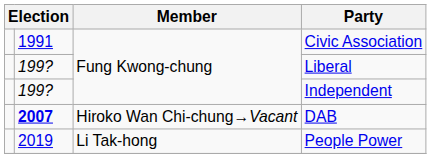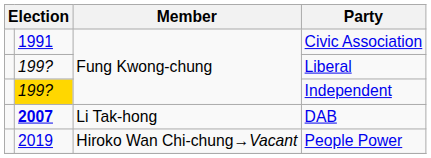 <table class="wikitable">
 <tr>
 <th colspan="2">Election</th>
 <th>Member</th>
 <th>Party</th>
 </tr>
 <tr>
 <td style="background-color:"></td>
 <td><a href='#'>1991</a></td>
 <td rowspan=3>Fung Kwong-chung</td>
 <td><a href='#'>Civic Association</a></td>
 </tr>
 <tr>
 <td style="background-color:"></td>
 <td><em>199?</em></td>
 <td><a href='#'>Liberal</a></td>
 </tr>
 <tr>
 <td style="background-color:"></td>
-<td><em>199?</em></td>
+<td style="background: gold;"><em>199?</em></td>
 <td><a href='#'>Independent</a></td>
 </tr>
 <tr>
 <td style="background-color:"></td>
 <td><strong><a href='#'>2007</a></strong></td>
-<td>Hiroko Wan Chi-chung→<em>Vacant</em></td>
+<td>Li Tak-hong</td>
 <td><a href='#'>DAB</a></td>
 </tr>
 <tr>
 <td style="background-color:"></td>
 <td><a href='#'>2019</a></td>
-<td>Li Tak-hong</td>
+<td>Hiroko Wan Chi-chung→<em>Vacant</em></td>
 <td><a href='#'>People Power</a></td>
 </tr>
 <tr>
 </tr>
 </table>
